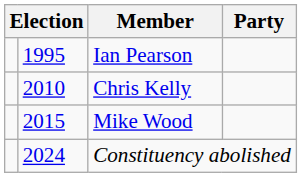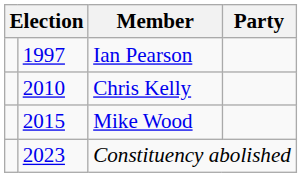 <table class="wikitable">
 <tr>
 <th colspan="2">Election</th>
 <th>Member</th>
 <th>Party</th>
 </tr>
 <tr>
 <td style="color:inherit;background-color: "></td>
-<td><a href='#'>1995</a></td>
+<td><a href='#'>1997</a></td>
 <td><a href='#'>Ian Pearson</a></td>
 <td></td>
 </tr>
 <tr>
 <td style="color:inherit;background-color: "></td>
 <td><a href='#'>2010</a></td>
 <td><a href='#'>Chris Kelly</a></td>
 <td></td>
 </tr>
 <tr>
 <td style="color:inherit;background-color: "></td>
 <td><a href='#'>2015</a></td>
 <td><a href='#'>Mike Wood</a></td>
 <td></td>
 </tr>
 <tr>
 <td></td>
-<td><a href='#'>2024</a></td>
+<td><a href='#'>2023</a></td>
 <td colspan="2"><em>Constituency abolished</em></td>
 </tr>
 </table>
